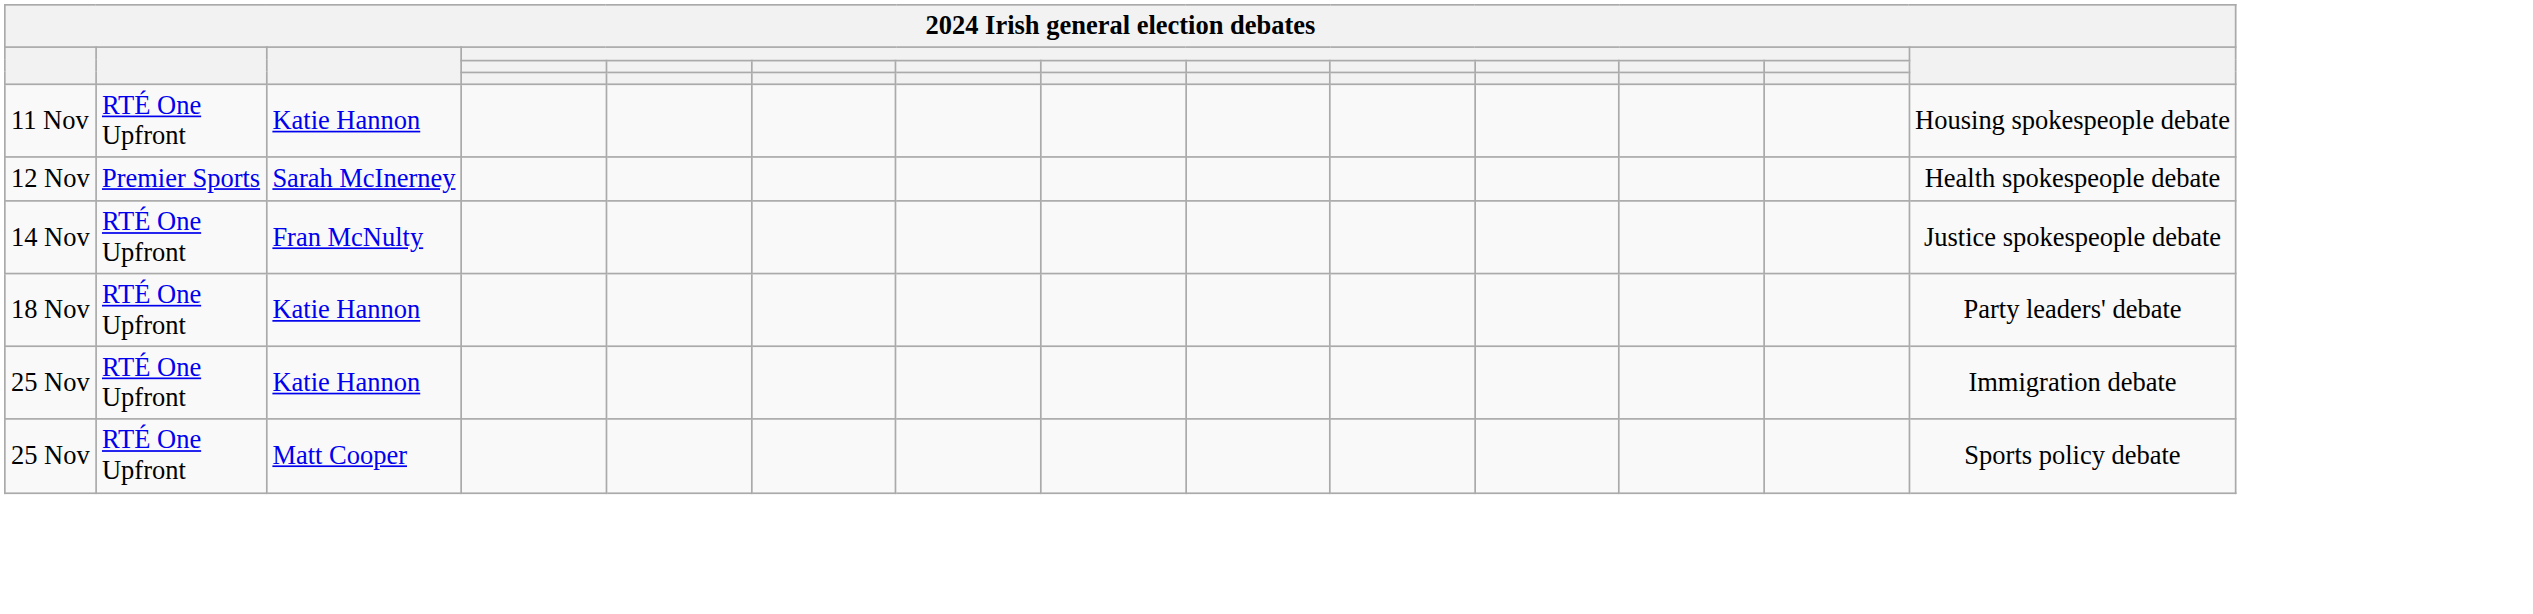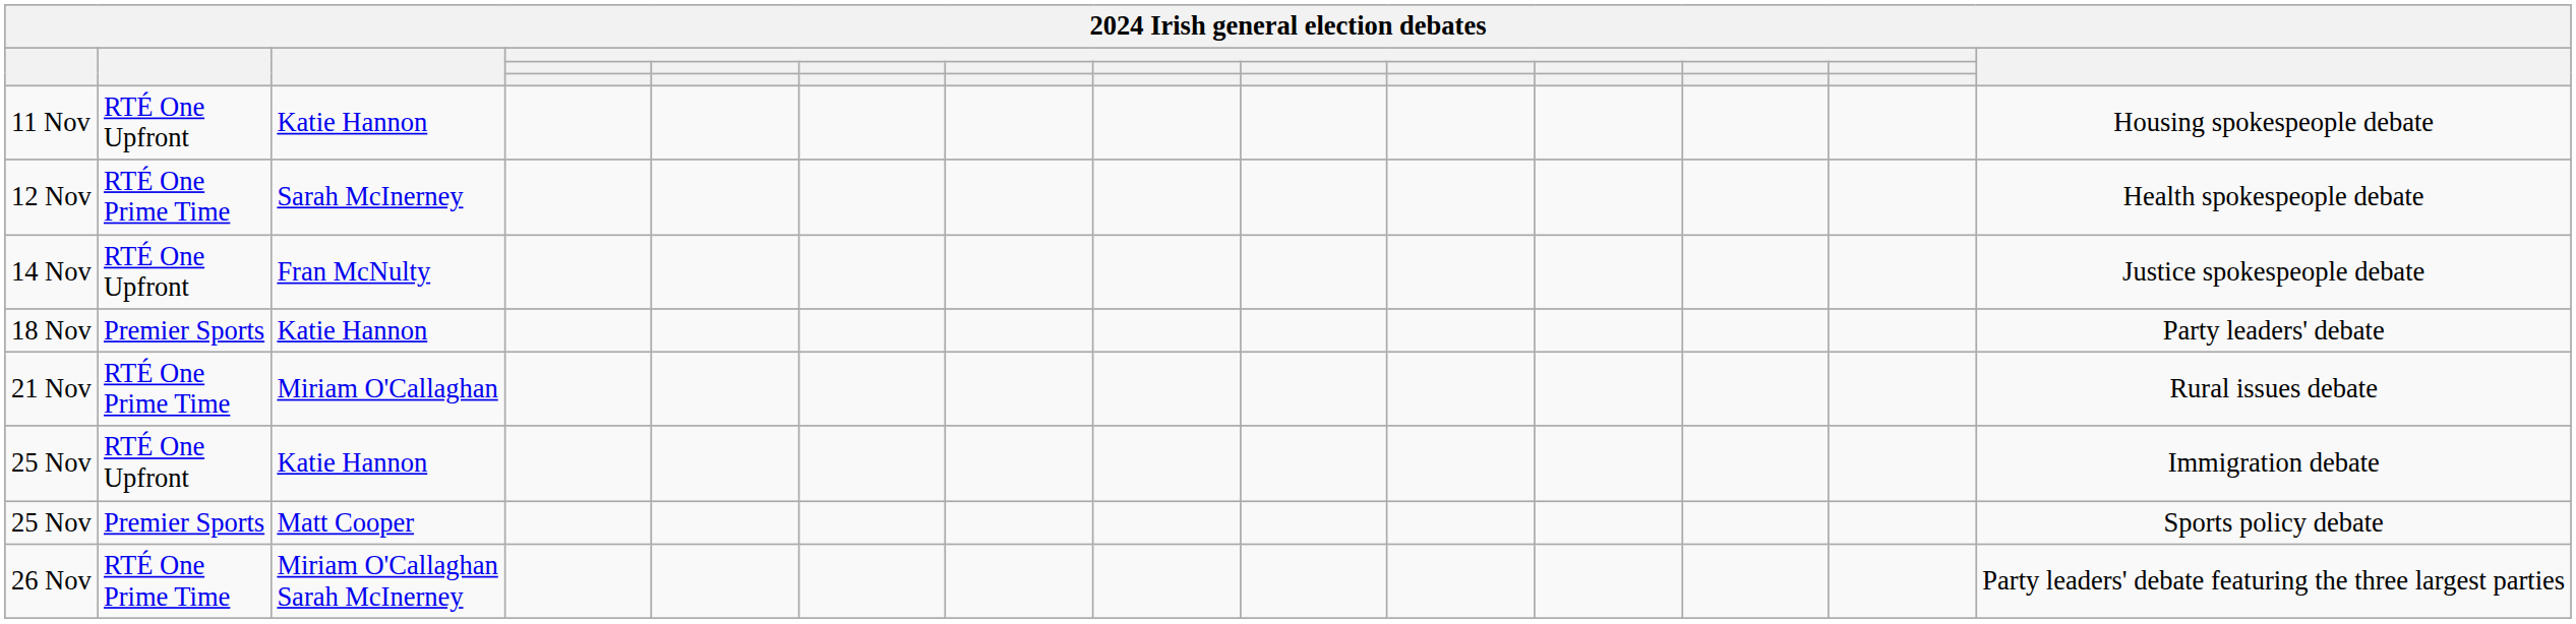 <table class="wikitable sortable collapsible" style="font-size:98%; text-align:center;">
 <tr>
 <th colspan="14">2024 Irish general election debates</th>
 </tr>
 <tr>
 <th style="white-space:nowrap;" rowspan="3"></th>
 <th rowspan="3"></th>
 <th rowspan="3"></th>
 <th scope="col" colspan="10">    </th>
 <th rowspan="3"></th>
 </tr>
 <tr>
 <th scope="col" style="width:5em;"></th>
 <th scope="col" style="width:5em;"></th>
 <th scope="col" style="width:5em;"></th>
 <th scope="col" style="width:5em;"></th>
 <th scope="col" style="width:5em;"></th>
 <th scope="col" style="width:5em;"></th>
 <th scope="col" style="width:5em;"></th>
 <th scope="col" style="width:5em;"></th>
 <th scope="col" style="width:5em;"></th>
 <th scope="col" style="width:5em;"></th>
 </tr>
 <tr>
 <th style="background:"></th>
 <th style="background:"></th>
 <th style="background:"></th>
 <th style="background:"></th>
 <th style="background:"></th>
 <th style="background:"></th>
 <th style="background:"></th>
 <th style="background:"></th>
 <th style="background:"></th>
 <th style="background:"></th>
 </tr>
 <tr>
 <td style="white-space:nowrap; text-align:left;">11 Nov</td>
 <td style="white-space:nowrap; text-align:left;"><a href='#'>RTÉ One</a><br>Upfront</td>
 <td style="white-space:nowrap; text-align:left;"><a href='#'>Katie Hannon</a></td>
 <td></td>
 <td></td>
 <td></td>
 <td></td>
 <td></td>
 <td></td>
 <td></td>
 <td></td>
 <td></td>
 <td></td>
 <td>Housing spokespeople debate</td>
 </tr>
 <tr>
 <td style="white-space:nowrap; text-align:left;">12 Nov</td>
-<td style="white-space:nowrap; text-align:left;"><a href='#'>Premier Sports</a></td>
+<td style="white-space:nowrap; text-align:left;"><a href='#'>RTÉ One</a><br><a href='#'>Prime Time</a></td>
 <td style="white-space:nowrap; text-align:left;"><a href='#'>Sarah McInerney</a></td>
 <td></td>
 <td></td>
 <td></td>
 <td></td>
 <td></td>
 <td></td>
 <td></td>
 <td></td>
 <td></td>
 <td></td>
 <td>Health spokespeople debate</td>
 </tr>
 <tr>
 <td style="white-space:nowrap; text-align:left;">14 Nov</td>
 <td style="white-space:nowrap; text-align:left;"><a href='#'>RTÉ One</a><br>Upfront</td>
 <td style="white-space:nowrap; text-align:left;"><a href='#'>Fran McNulty</a></td>
 <td></td>
 <td></td>
 <td></td>
 <td></td>
 <td></td>
 <td></td>
 <td></td>
 <td></td>
 <td></td>
 <td></td>
 <td>Justice spokespeople debate</td>
 </tr>
 <tr>
 <td style="white-space:nowrap; text-align:left;">18 Nov</td>
-<td style="white-space:nowrap; text-align:left;"><a href='#'>RTÉ One</a><br>Upfront</td>
+<td style="white-space:nowrap; text-align:left;"><a href='#'>Premier Sports</a></td>
 <td style="white-space:nowrap; text-align:left;"><a href='#'>Katie Hannon</a></td>
 <td></td>
 <td></td>
 <td></td>
 <td></td>
 <td></td>
 <td></td>
 <td></td>
 <td></td>
 <td></td>
 <td></td>
 <td>Party leaders' debate</td>
+</tr>
+<tr>
+<td style="white-space:nowrap; text-align:left;">21 Nov</td>
+<td style="white-space:nowrap; text-align:left;"><a href='#'>RTÉ One</a><br><a href='#'>Prime Time</a></td>
+<td style="white-space:nowrap; text-align:left;"><a href='#'>Miriam O'Callaghan</a></td>
+<td></td>
+<td></td>
+<td></td>
+<td></td>
+<td></td>
+<td></td>
+<td></td>
+<td></td>
+<td></td>
+<td></td>
+<td>Rural issues debate</td>
 </tr>
 <tr>
 <td style="white-space:nowrap; text-align:left;">25 Nov</td>
 <td style="white-space:nowrap; text-align:left;"><a href='#'>RTÉ One</a><br>Upfront</td>
 <td style="white-space:nowrap; text-align:left;"><a href='#'>Katie Hannon</a></td>
 <td></td>
 <td></td>
 <td></td>
 <td></td>
 <td></td>
 <td></td>
 <td></td>
 <td></td>
 <td></td>
 <td></td>
 <td>Immigration debate</td>
 </tr>
 <tr>
 <td style="white-space:nowrap; text-align:left;">25 Nov</td>
-<td style="white-space:nowrap; text-align:left;"><a href='#'>RTÉ One</a><br>Upfront</td>
+<td style="white-space:nowrap; text-align:left;"><a href='#'>Premier Sports</a></td>
 <td style="white-space:nowrap; text-align:left;"><a href='#'>Matt Cooper</a></td>
 <td></td>
 <td></td>
 <td></td>
 <td></td>
 <td></td>
 <td></td>
 <td></td>
 <td></td>
 <td></td>
 <td></td>
 <td>Sports policy debate</td>
 </tr>
+<tr>
+<td style="white-space:nowrap; text-align:left;">26 Nov</td>
+<td style="white-space:nowrap; text-align:left;"><a href='#'>RTÉ One</a><br><a href='#'>Prime Time</a></td>
+<td style="white-space:nowrap; text-align:left;"><a href='#'>Miriam O'Callaghan</a><br><a href='#'>Sarah McInerney</a></td>
+<td></td>
+<td></td>
+<td></td>
+<td></td>
+<td></td>
+<td></td>
+<td></td>
+<td></td>
+<td></td>
+<td></td>
+<td>Party leaders' debate featuring the three largest parties</td>
+</tr>
 </table>
